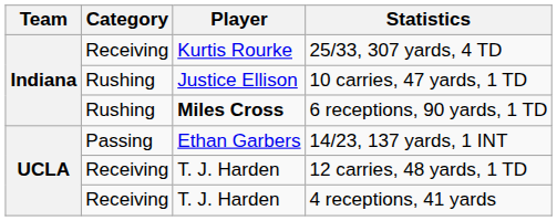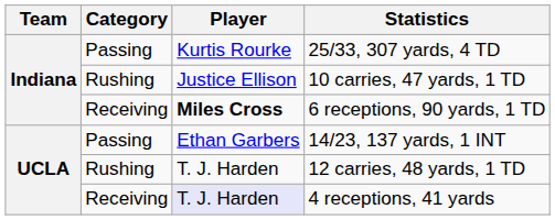 <table class="wikitable" style="float:right">
 <tr>
 <th>Team</th>
 <th>Category</th>
 <th>Player</th>
 <th>Statistics</th>
 </tr>
 <tr>
 <th rowspan=3>Indiana</th>
-<td>Receiving</td>
+<td>Passing</td>
 <td><a href='#'>Kurtis Rourke</a></td>
 <td>25/33, 307 yards, 4 TD</td>
 </tr>
 <tr>
 <td>Rushing</td>
 <td><a href='#'>Justice Ellison</a></td>
 <td>10 carries, 47 yards, 1 TD</td>
 </tr>
 <tr>
-<td>Rushing</td>
+<td>Receiving</td>
 <td><strong>Miles Cross</strong></td>
 <td>6 receptions, 90 yards, 1 TD</td>
 </tr>
 <tr>
 <th rowspan=3>UCLA</th>
 <td>Passing</td>
 <td><a href='#'>Ethan Garbers</a></td>
 <td>14/23, 137 yards, 1 INT</td>
 </tr>
 <tr>
-<td>Receiving</td>
+<td>Rushing</td>
 <td>T. J. Harden</td>
 <td>12 carries, 48 yards, 1 TD</td>
 </tr>
 <tr>
 <td>Receiving</td>
-<td>T. J. Harden</td>
+<td style="background: lavender;">T. J. Harden</td>
 <td>4 receptions, 41 yards</td>
 </tr>
 </table>
